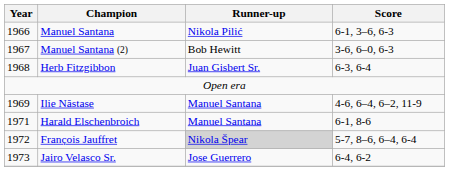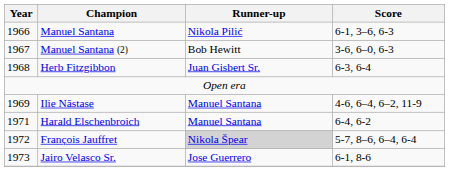 <table class="wikitable">
 <tr>
 <th style="width:40px">Year</th>
 <th style="width:200px">Champion</th>
 <th style="width:200px">Runner-up</th>
 <th style="width:150px">Score</th>
 </tr>
 <tr>
 <td>1966</td>
 <td> <a href='#'>Manuel Santana</a></td>
 <td> <a href='#'>Nikola Pilić</a></td>
 <td>6-1, 3–6, 6-3</td>
 </tr>
 <tr>
 <td>1967</td>
 <td> <a href='#'>Manuel Santana</a> <small>(2)</small></td>
 <td> Bob Hewitt</td>
 <td>3-6, 6–0, 6-3</td>
 </tr>
 <tr>
 <td>1968</td>
 <td> <a href='#'>Herb Fitzgibbon</a></td>
 <td> <a href='#'>Juan Gisbert Sr.</a></td>
 <td>6-3, 6-4</td>
 </tr>
 <tr>
 <td colspan=4 align=center><em>Open era</em></td>
 </tr>
 <tr>
 <td>1969</td>
 <td> <a href='#'>Ilie Năstase</a></td>
 <td> <a href='#'>Manuel Santana</a></td>
 <td>4-6, 6–4, 6–2, 11-9</td>
 </tr>
 <tr>
 <td>1971</td>
 <td> <a href='#'>Harald Elschenbroich</a></td>
 <td> <a href='#'>Manuel Santana</a></td>
-<td>6-1, 8-6</td>
+<td>6-4, 6-2</td>
 </tr>
 <tr>
 <td>1972</td>
 <td> <a href='#'>François Jauffret</a></td>
 <td style="background: lightgrey;"> <a href='#'>Nikola Špear</a></td>
 <td>5-7, 8–6, 6–4, 6-4</td>
 </tr>
 <tr>
 <td>1973</td>
 <td> <a href='#'>Jairo Velasco Sr.</a></td>
 <td> <a href='#'>Jose Guerrero</a></td>
-<td>6-4, 6-2</td>
+<td>6-1, 8-6</td>
 </tr>
 <tr>
 </tr>
 </table>
